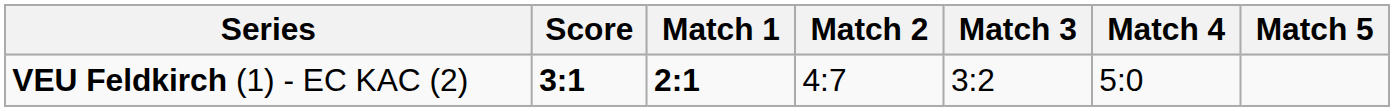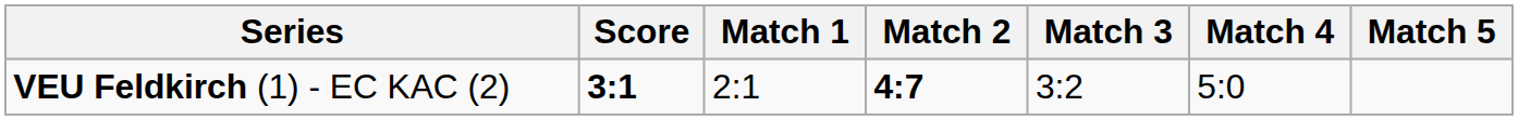 <table class="wikitable" width="700px">
 <tr style="background-color:#c0c0c0;">
 <th>Series</th>
 <th>Score</th>
 <th>Match 1</th>
 <th>Match 2</th>
 <th>Match 3</th>
 <th>Match 4</th>
 <th>Match 5</th>
 </tr>
 <tr>
 <td><strong>VEU Feldkirch</strong> (1) - EC KAC (2)</td>
 <td><strong>3:1</strong></td>
-<td><strong>2:1</strong></td>
-<td>4:7</td>
+<td>2:1</td>
+<td><strong>4:7</strong></td>
 <td>3:2</td>
 <td>5:0</td>
 </tr>
 </table>
